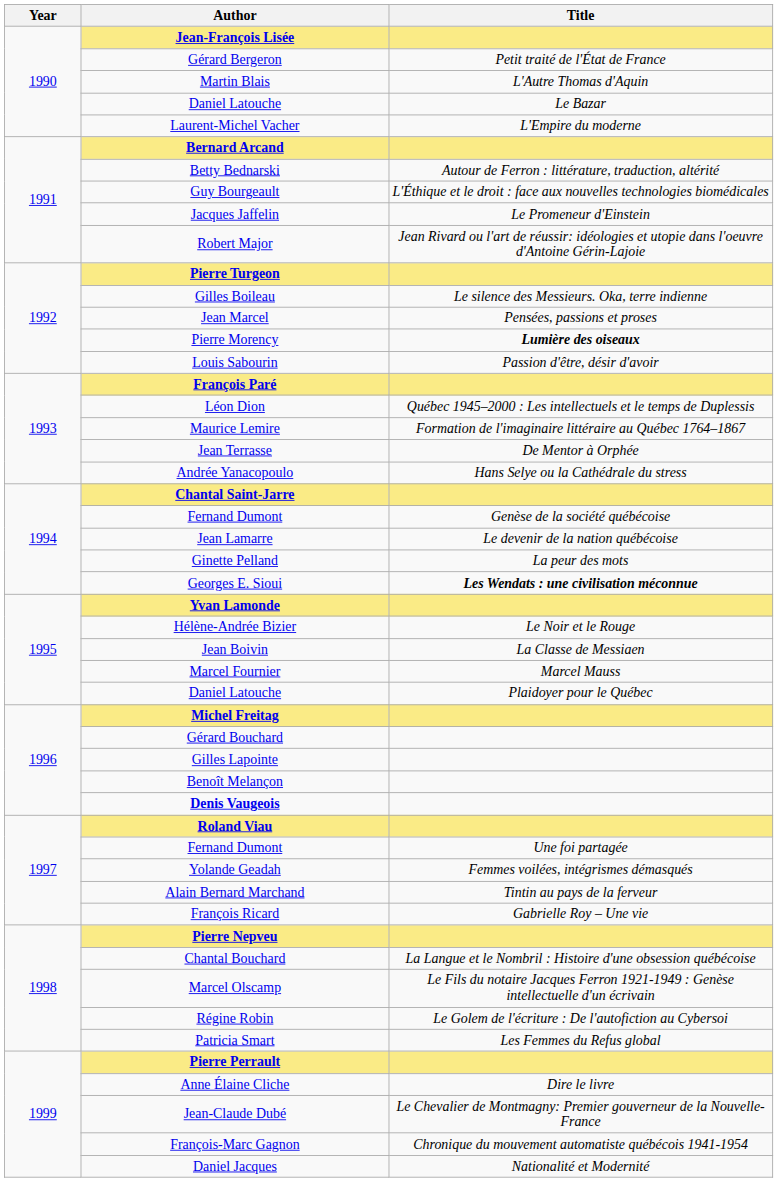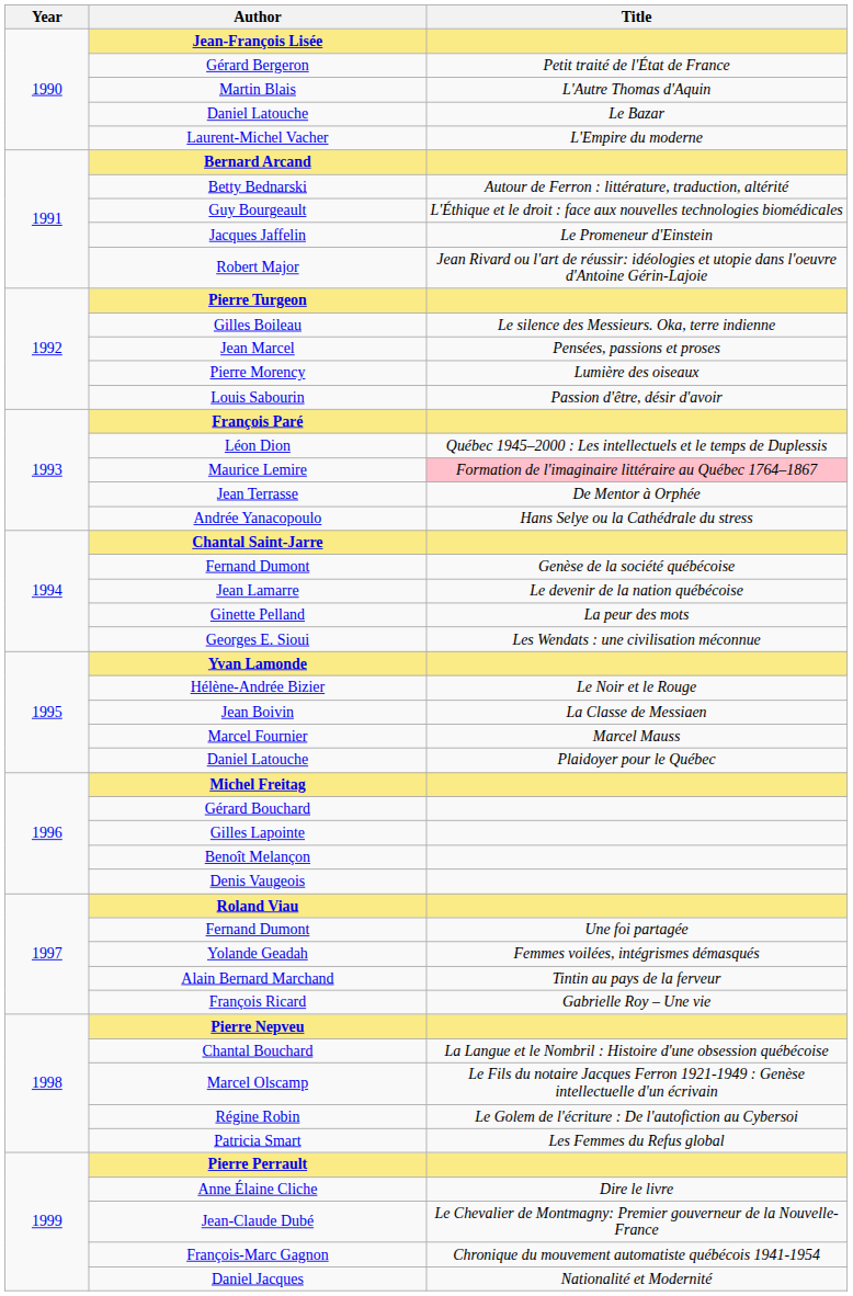 <table class="wikitable" width="100%">
 <tr>
 <th>Year</th>
 <th width="40%">Author</th>
 <th width="50%">Title</th>
 </tr>
 <tr>
 <td align="center" rowspan="5"><a href='#'>1990</a></td>
 <td align="center" style="background:#FAEB86"><strong><a href='#'>Jean-François Lisée</a></strong></td>
 <td align="center" style="background:#FAEB86"><strong></strong></td>
 </tr>
 <tr>
 <td align="center"><a href='#'>Gérard Bergeron</a></td>
 <td align="center"><em>Petit traité de l'État de France</em></td>
 </tr>
 <tr>
 <td align="center"><a href='#'>Martin Blais</a></td>
 <td align="center"><em>L'Autre Thomas d'Aquin</em></td>
 </tr>
 <tr>
 <td align="center"><a href='#'>Daniel Latouche</a></td>
 <td align="center"><em>Le Bazar</em></td>
 </tr>
 <tr>
 <td align="center"><a href='#'>Laurent-Michel Vacher</a></td>
 <td align="center"><em>L'Empire du moderne</em></td>
 </tr>
 <tr>
 <td align="center" rowspan="5"><a href='#'>1991</a></td>
 <td align="center" style="background:#FAEB86"><strong><a href='#'>Bernard Arcand</a></strong></td>
 <td align="center" style="background:#FAEB86"><strong></strong></td>
 </tr>
 <tr>
 <td align="center"><a href='#'>Betty Bednarski</a></td>
 <td align="center"><em>Autour de Ferron : littérature, traduction, altérité</em></td>
 </tr>
 <tr>
 <td align="center"><a href='#'>Guy Bourgeault</a></td>
 <td align="center"><em>L'Éthique et le droit : face aux nouvelles technologies biomédicales</em></td>
 </tr>
 <tr>
 <td align="center"><a href='#'>Jacques Jaffelin</a></td>
 <td align="center"><em>Le Promeneur d'Einstein</em></td>
 </tr>
 <tr>
 <td align="center"><a href='#'>Robert Major</a></td>
 <td align="center"><em>Jean Rivard ou l'art de réussir:  idéologies et utopie dans l'oeuvre d'Antoine Gérin-Lajoie</em></td>
 </tr>
 <tr>
 <td align="center" rowspan="5"><a href='#'>1992</a></td>
 <td align="center" style="background:#FAEB86"><strong><a href='#'>Pierre Turgeon</a></strong></td>
 <td align="center" style="background:#FAEB86"><strong></strong></td>
 </tr>
 <tr>
 <td align="center"><a href='#'>Gilles Boileau</a></td>
 <td align="center"><em>Le silence des Messieurs. Oka, terre indienne</em></td>
 </tr>
 <tr>
 <td align="center"><a href='#'>Jean Marcel</a></td>
 <td align="center"><em>Pensées, passions et proses</em></td>
 </tr>
 <tr>
 <td align="center"><a href='#'>Pierre Morency</a></td>
-<td align="center"><strong><em>Lumière des oiseaux</em></strong></td>
+<td align="center"><em>Lumière des oiseaux</em></td>
 </tr>
 <tr>
 <td align="center"><a href='#'>Louis Sabourin</a></td>
 <td align="center"><em>Passion d'être, désir d'avoir</em></td>
 </tr>
 <tr>
 <td align="center" rowspan="5"><a href='#'>1993</a></td>
 <td align="center" style="background:#FAEB86"><strong><a href='#'>François Paré</a></strong></td>
 <td align="center" style="background:#FAEB86"><strong></strong></td>
 </tr>
 <tr>
 <td align="center"><a href='#'>Léon Dion</a></td>
 <td align="center"><em>Québec 1945–2000 : Les intellectuels et le temps de Duplessis</em></td>
 </tr>
 <tr>
 <td align="center"><a href='#'>Maurice Lemire</a></td>
-<td align="center"><em>Formation de l'imaginaire littéraire au Québec 1764–1867</em></td>
+<td align="center" style="background: pink;"><em>Formation de l'imaginaire littéraire au Québec 1764–1867</em></td>
 </tr>
 <tr>
 <td align="center"><a href='#'>Jean Terrasse</a></td>
 <td align="center"><em>De Mentor à Orphée</em></td>
 </tr>
 <tr>
 <td align="center"><a href='#'>Andrée Yanacopoulo</a></td>
 <td align="center"><em>Hans Selye ou la Cathédrale du stress</em></td>
 </tr>
 <tr>
 <td align="center" rowspan="5"><a href='#'>1994</a></td>
 <td align="center" style="background:#FAEB86"><strong><a href='#'>Chantal Saint-Jarre</a></strong></td>
 <td align="center" style="background:#FAEB86"><strong></strong></td>
 </tr>
 <tr>
 <td align="center"><a href='#'>Fernand Dumont</a></td>
 <td align="center"><em>Genèse de la société québécoise</em></td>
 </tr>
 <tr>
 <td align="center"><a href='#'>Jean Lamarre</a></td>
 <td align="center"><em>Le devenir de la nation québécoise</em></td>
 </tr>
 <tr>
 <td align="center"><a href='#'>Ginette Pelland</a></td>
 <td align="center"><em>La peur des mots</em></td>
 </tr>
 <tr>
 <td align="center"><a href='#'>Georges E. Sioui</a></td>
-<td align="center"><strong><em>Les Wendats : une civilisation méconnue</em></strong></td>
+<td align="center"><em>Les Wendats : une civilisation méconnue</em></td>
 </tr>
 <tr>
 <td align="center" rowspan="5"><a href='#'>1995</a></td>
 <td align="center" style="background:#FAEB86"><strong><a href='#'>Yvan Lamonde</a></strong></td>
 <td align="center" style="background:#FAEB86"><strong></strong></td>
 </tr>
 <tr>
 <td align="center"><a href='#'>Hélène-Andrée Bizier</a></td>
 <td align="center"><em>Le Noir et le Rouge</em></td>
 </tr>
 <tr>
 <td align="center"><a href='#'>Jean Boivin</a></td>
 <td align="center"><em>La Classe de Messiaen</em></td>
 </tr>
 <tr>
 <td align="center"><a href='#'>Marcel Fournier</a></td>
 <td align="center"><em>Marcel Mauss</em></td>
 </tr>
 <tr>
 <td align="center"><a href='#'>Daniel Latouche</a></td>
 <td align="center"><em>Plaidoyer pour le Québec</em></td>
 </tr>
 <tr>
 <td align="center" rowspan="5"><a href='#'>1996</a></td>
 <td align="center" style="background:#FAEB86"><strong><a href='#'>Michel Freitag</a></strong></td>
 <td align="center" style="background:#FAEB86"><strong></strong></td>
 </tr>
 <tr>
 <td align="center"><a href='#'>Gérard Bouchard</a></td>
 <td align="center"></td>
 </tr>
 <tr>
 <td align="center"><a href='#'>Gilles Lapointe</a></td>
 <td align="center"></td>
 </tr>
 <tr>
 <td align="center"><a href='#'>Benoît Melançon</a></td>
 <td align="center"></td>
 </tr>
 <tr>
-<td align="center"><strong><a href='#'>Denis Vaugeois</a></strong></td>
+<td align="center"><a href='#'>Denis Vaugeois</a></td>
 <td align="center"></td>
 </tr>
 <tr>
 <td align="center" rowspan="5"><a href='#'>1997</a></td>
 <td align="center" style="background:#FAEB86"><strong><a href='#'>Roland Viau</a></strong></td>
 <td align="center" style="background:#FAEB86"><strong></strong></td>
 </tr>
 <tr>
 <td align="center"><a href='#'>Fernand Dumont</a></td>
 <td align="center"><em>Une foi partagée</em></td>
 </tr>
 <tr>
 <td align="center"><a href='#'>Yolande Geadah</a></td>
 <td align="center"><em>Femmes voilées, intégrismes démasqués</em></td>
 </tr>
 <tr>
 <td align="center"><a href='#'>Alain Bernard Marchand</a></td>
 <td align="center"><em>Tintin au pays de la ferveur</em></td>
 </tr>
 <tr>
 <td align="center"><a href='#'>François Ricard</a></td>
 <td align="center"><em>Gabrielle Roy – Une vie</em></td>
 </tr>
 <tr>
 <td align="center" rowspan="5"><a href='#'>1998</a></td>
 <td align="center" style="background:#FAEB86"><strong><a href='#'>Pierre Nepveu</a></strong></td>
 <td align="center" style="background:#FAEB86"><strong></strong></td>
 </tr>
 <tr>
 <td align="center"><a href='#'>Chantal Bouchard</a></td>
 <td align="center"><em>La Langue et le Nombril : Histoire d'une obsession québécoise</em></td>
 </tr>
 <tr>
 <td align="center"><a href='#'>Marcel Olscamp</a></td>
 <td align="center"><em>Le Fils du notaire Jacques Ferron 1921-1949 : Genèse intellectuelle d'un écrivain</em></td>
 </tr>
 <tr>
 <td align="center"><a href='#'>Régine Robin</a></td>
 <td align="center"><em>Le Golem de l'écriture : De l'autofiction au Cybersoi</em></td>
 </tr>
 <tr>
 <td align="center"><a href='#'>Patricia Smart</a></td>
 <td align="center"><em>Les Femmes du Refus global</em></td>
 </tr>
 <tr>
 <td align="center" rowspan="5"><a href='#'>1999</a></td>
 <td align="center" style="background:#FAEB86"><strong><a href='#'>Pierre Perrault</a></strong></td>
 <td align="center" style="background:#FAEB86"><strong></strong></td>
 </tr>
 <tr>
 <td align="center"><a href='#'>Anne Élaine Cliche</a></td>
 <td align="center"><em>Dire le livre</em></td>
 </tr>
 <tr>
 <td align="center"><a href='#'>Jean-Claude Dubé</a></td>
 <td align="center"><em>Le Chevalier de Montmagny: Premier gouverneur de la Nouvelle-France</em></td>
 </tr>
 <tr>
 <td align="center"><a href='#'>François-Marc Gagnon</a></td>
 <td align="center"><em>Chronique du mouvement automatiste québécois 1941-1954</em></td>
 </tr>
 <tr>
 <td align="center"><a href='#'>Daniel Jacques</a></td>
 <td align="center"><em>Nationalité et Modernité</em></td>
 </tr>
 </table>
